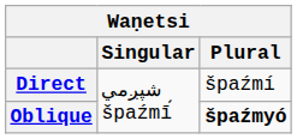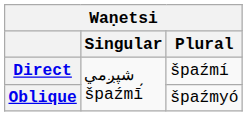 <table class="wikitable">
 <tr>
 <th colspan="3">Waṇetsi</th>
 </tr>
 <tr>
 <th></th>
 <th>Singular</th>
 <th>Plural</th>
 </tr>
 <tr>
 <th><strong><a href='#'>Direct</a></strong></th>
 <td rowspan="2">شپږمي<br>špaźmī́</td>
 <td>špaźmí</td>
 </tr>
 <tr>
 <th><strong><a href='#'>Oblique</a></strong></th>
-<td><strong>špaźmyó</strong></td>
+<td>špaźmyó</td>
 </tr>
 </table>
